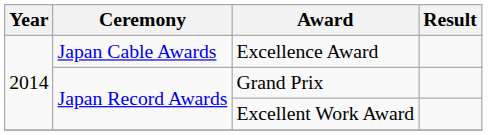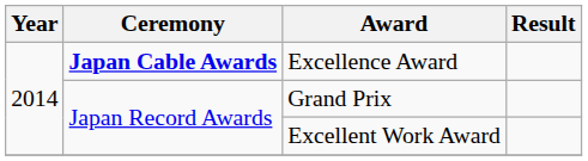 <table class="wikitable">
 <tr>
 <th>Year</th>
 <th>Ceremony</th>
 <th>Award</th>
 <th>Result</th>
 </tr>
 <tr>
 <td rowspan=3>2014</td>
-<td><a href='#'>Japan Cable Awards</a></td>
+<td><strong><a href='#'>Japan Cable Awards</a></strong></td>
 <td>Excellence Award</td>
 <td></td>
 </tr>
 <tr>
 <td rowspan="2"><a href='#'>Japan Record Awards</a></td>
 <td>Grand Prix</td>
 <td></td>
 </tr>
 <tr>
 <td>Excellent Work Award</td>
 <td></td>
 </tr>
 <tr>
 </tr>
 </table>
